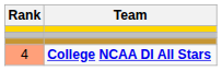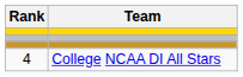 <table class="wikitable" style="text-align:center;">
 <tr>
 <th width=40>Rank</th>
 <th width=200>Team</th>
 </tr>
 <tr bgcolor="gold">
 <td></td>
 <td style="text-align:left;"></td>
 </tr>
 <tr bgcolor="silver">
 <td></td>
 <td style="text-align:left;"></td>
 </tr>
 <tr bgcolor="#C69633">
 <td></td>
 <td style="text-align:left;"></td>
 </tr>
 <tr>
-<td style="background: lightsalmon;">4</td>
-<td style="text-align:left;"><strong> <a href='#'>College</a> <a href='#'>NCAA DI All Stars</a></strong></td>
+<td>4</td>
+<td style="text-align:left;"> <a href='#'>College</a> <a href='#'>NCAA DI All Stars</a></td>
 </tr>
 </table>
